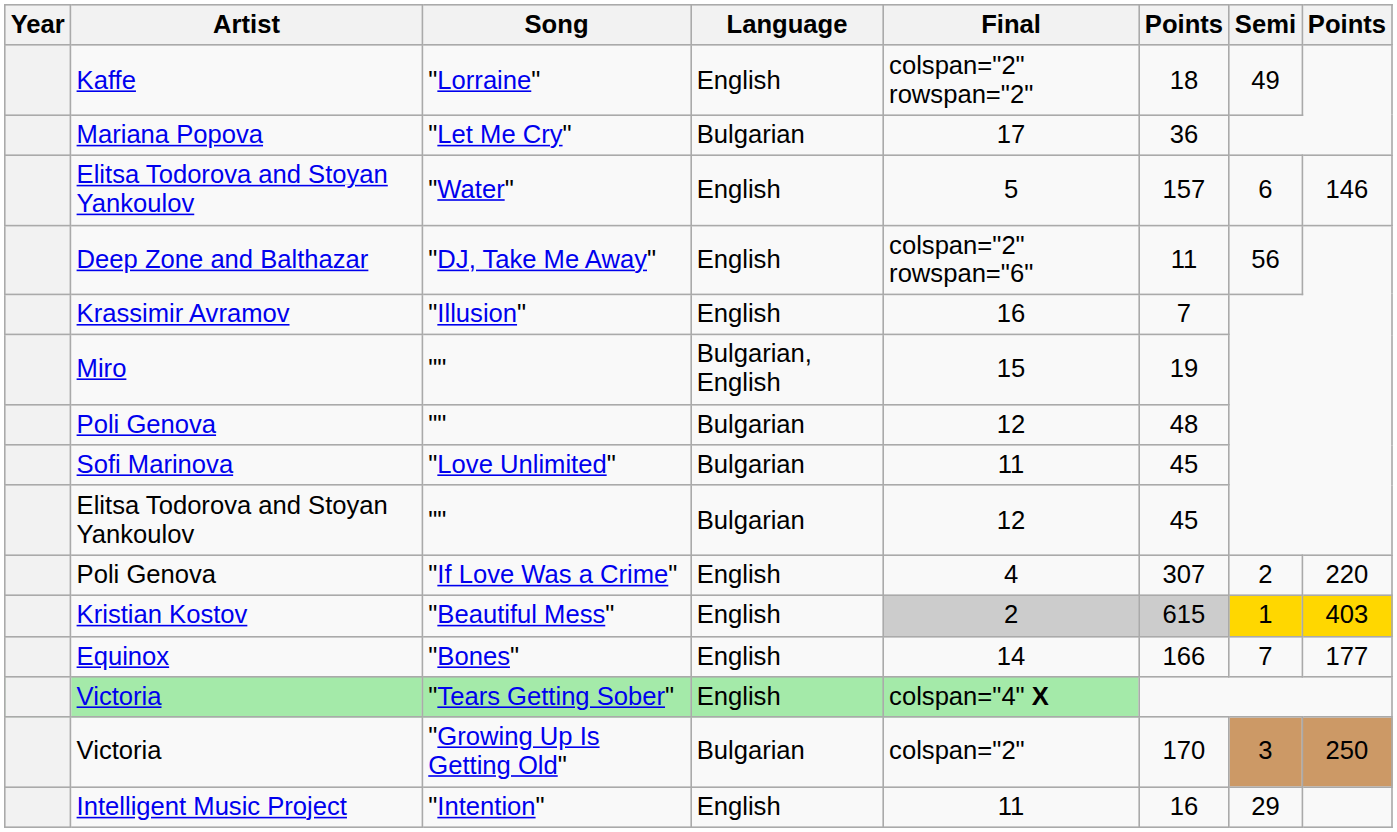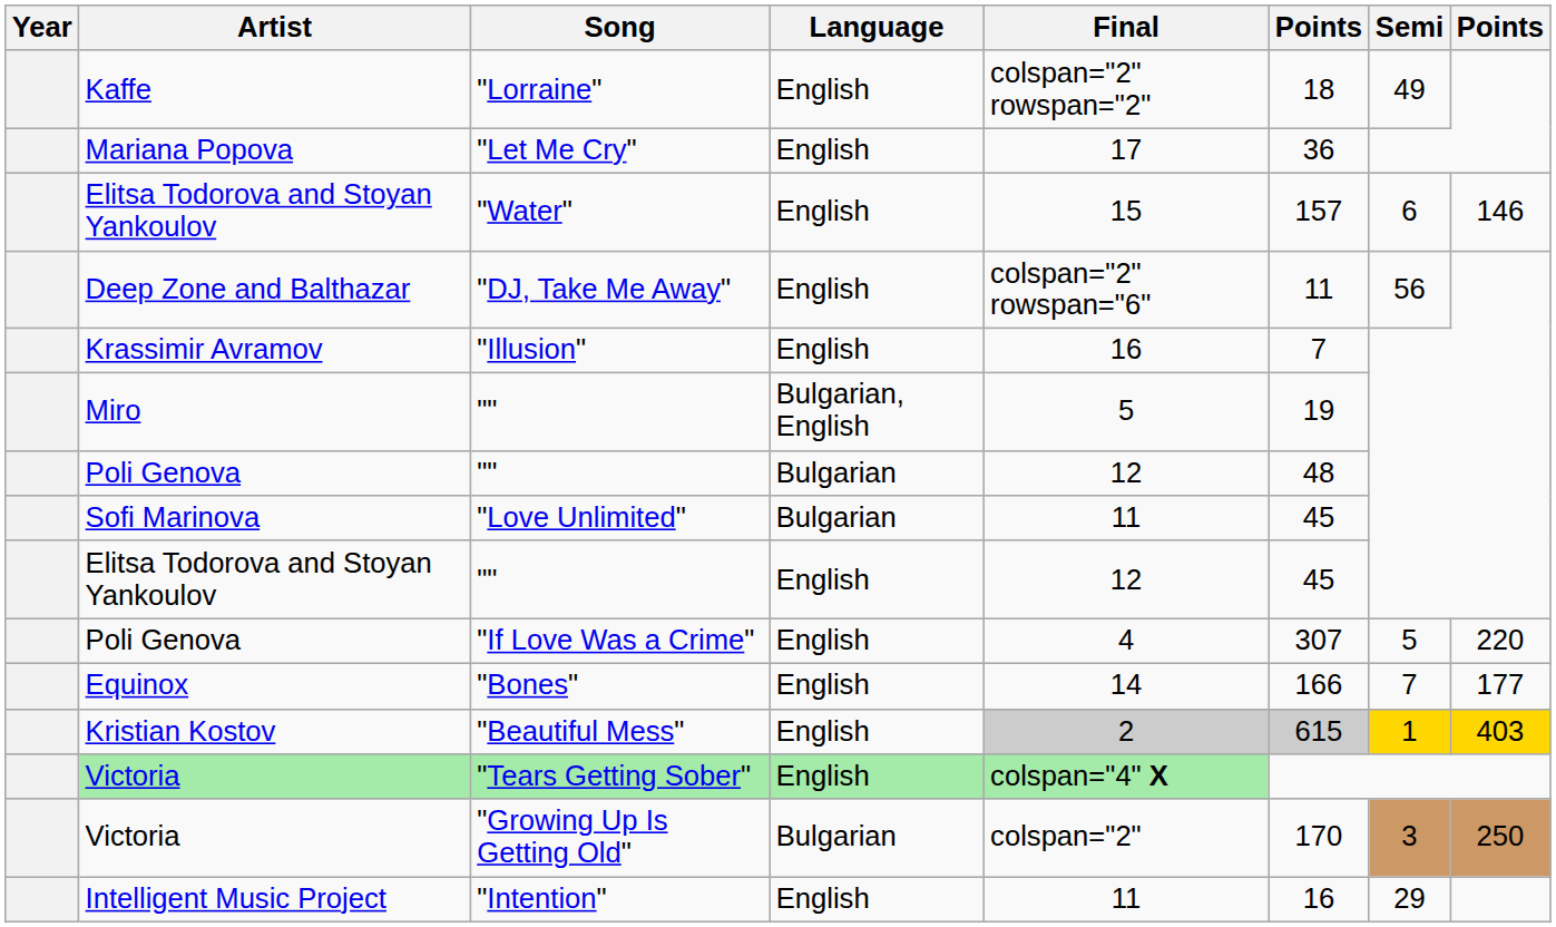 <table class="wikitable sortable plainrowheaders">
 <tr>
 <th scope="col">Year</th>
 <th scope="col">Artist</th>
 <th scope="col">Song</th>
 <th scope="col">Language</th>
 <th scope="col" data-sort-type="number">Final</th>
 <th scope="col" data-sort-type="number">Points</th>
 <th scope="col" data-sort-type="number">Semi</th>
 <th scope="col" data-sort-type="number">Points</th>
 </tr>
 <tr>
 <th scope="row" style="text-align:center;"></th>
 <td><a href='#'>Kaffe</a></td>
 <td>"<a href='#'>Lorraine</a>"</td>
 <td>English</td>
 <td>colspan="2" rowspan="2" </td>
 <td style="text-align:center;">18</td>
 <td style="text-align:center;">49</td>
 </tr>
 <tr>
 <th scope="row" style="text-align:center;"></th>
 <td><a href='#'>Mariana Popova</a></td>
 <td>"<a href='#'>Let Me Cry</a>"</td>
-<td>Bulgarian</td>
+<td>English</td>
 <td style="text-align:center;">17</td>
 <td style="text-align:center;">36</td>
 </tr>
 <tr>
 <th scope="row" style="text-align:center;"></th>
 <td><a href='#'>Elitsa Todorova and Stoyan Yankoulov</a></td>
 <td>"<a href='#'>Water</a>"</td>
 <td>English</td>
-<td style="text-align:center;">5</td>
+<td style="text-align:center;">15</td>
 <td style="text-align:center;">157</td>
 <td style="text-align:center;">6</td>
 <td style="text-align:center;">146</td>
 </tr>
 <tr>
 <th scope="row" style="text-align:center;"></th>
 <td><a href='#'>Deep Zone and Balthazar</a></td>
 <td>"<a href='#'>DJ, Take Me Away</a>"</td>
 <td>English</td>
 <td>colspan="2" rowspan="6" </td>
 <td style="text-align:center;">11</td>
 <td style="text-align:center;">56</td>
 </tr>
 <tr>
 <th scope="row" style="text-align:center;"></th>
 <td><a href='#'>Krassimir Avramov</a></td>
 <td>"<a href='#'>Illusion</a>"</td>
 <td>English</td>
 <td style="text-align:center;">16</td>
 <td style="text-align:center;">7</td>
 </tr>
 <tr>
 <th scope="row" style="text-align:center;"></th>
 <td><a href='#'>Miro</a></td>
 <td>"" </td>
 <td>Bulgarian, English</td>
-<td style="text-align:center;">15</td>
+<td style="text-align:center;">5</td>
 <td style="text-align:center;">19</td>
 </tr>
 <tr>
 <th scope="row" style="text-align:center;"></th>
 <td><a href='#'>Poli Genova</a></td>
 <td>"" </td>
 <td>Bulgarian</td>
 <td style="text-align:center;">12</td>
 <td style="text-align:center;">48</td>
 </tr>
 <tr>
 <th scope="row" style="text-align:center;"></th>
 <td><a href='#'>Sofi Marinova</a></td>
 <td>"<a href='#'>Love Unlimited</a>"</td>
 <td>Bulgarian</td>
 <td style="text-align:center;">11</td>
 <td style="text-align:center;">45</td>
 </tr>
 <tr>
 <th scope="row" style="text-align:center;"></th>
 <td>Elitsa Todorova and Stoyan Yankoulov</td>
 <td>"" </td>
-<td>Bulgarian</td>
+<td>English</td>
 <td style="text-align:center;">12</td>
 <td style="text-align:center;">45</td>
 </tr>
 <tr>
 <th scope="row" style="text-align:center;"></th>
 <td>Poli Genova</td>
 <td>"<a href='#'>If Love Was a Crime</a>"</td>
 <td>English</td>
 <td style="text-align:center;">4</td>
 <td style="text-align:center;">307</td>
-<td style="text-align:center;">2</td>
+<td style="text-align:center;">5</td>
 <td style="text-align:center;">220</td>
+</tr>
+<tr>
+<th scope="row" style="text-align:center;"></th>
+<td><a href='#'>Equinox</a></td>
+<td>"<a href='#'>Bones</a>"</td>
+<td>English</td>
+<td style="text-align:center;">14</td>
+<td style="text-align:center;">166</td>
+<td style="text-align:center;">7</td>
+<td style="text-align:center;">177</td>
 </tr>
 <tr>
 <th scope="row" style="text-align:center;"></th>
 <td><a href='#'>Kristian Kostov</a></td>
 <td>"<a href='#'>Beautiful Mess</a>"</td>
 <td>English</td>
 <td style="text-align:center; background-color:#CCC;">2</td>
 <td style="text-align:center; background-color:#CCC;">615</td>
 <td style="text-align:center; background-color:#FFD700;">1</td>
 <td style="text-align:center; background-color:#FFD700;">403</td>
-</tr>
-<tr>
-<th scope="row" style="text-align:center;"></th>
-<td><a href='#'>Equinox</a></td>
-<td>"<a href='#'>Bones</a>"</td>
-<td>English</td>
-<td style="text-align:center;">14</td>
-<td style="text-align:center;">166</td>
-<td style="text-align:center;">7</td>
-<td style="text-align:center;">177</td>
 </tr>
 <tr style="background-color:#A4EAA9;">
 <th scope="row" style="text-align:center;"></th>
 <td><a href='#'>Victoria</a></td>
 <td>"<a href='#'>Tears Getting Sober</a>"</td>
 <td>English</td>
 <td>colspan="4"  <strong>X</strong></td>
 </tr>
 <tr>
 <th scope="row" style="text-align:center;"></th>
 <td>Victoria</td>
 <td>"<a href='#'>Growing Up Is Getting Old</a>"</td>
 <td>Bulgarian</td>
 <td>colspan="2" </td>
 <td style="text-align:center;">170</td>
 <td style="text-align:center; background-color:#C96;">3</td>
 <td style="text-align:center; background-color:#C96;">250</td>
 </tr>
 <tr>
 <th scope="row" style="text-align:center;"></th>
 <td><a href='#'>Intelligent Music Project</a></td>
 <td>"<a href='#'>Intention</a>"</td>
 <td>English</td>
 <td style="text-align:center;">11</td>
 <td style="text-align:center;">16</td>
 <td style="text-align:center;">29</td>
 </tr>
 </table>
